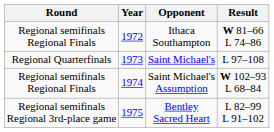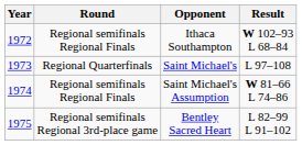 <table class="wikitable" style="text-align: center">
 <tr>
+<th>Year</th>
 <th>Round</th>
-<th>Year</th>
 <th>Opponent</th>
 <th>Result</th>
 </tr>
 <tr align="center">
+<td><a href='#'>1972</a></td>
 <td>Regional semifinals<br>Regional Finals</td>
-<td><a href='#'>1972</a></td>
 <td>Ithaca<br>Southampton</td>
-<td><strong>W</strong> 81–66<br>L 74–86</td>
+<td><strong>W</strong> 102–93<br>L 68–84</td>
 </tr>
 <tr align="center">
+<td><a href='#'>1973</a></td>
 <td>Regional Quarterfinals</td>
-<td><a href='#'>1973</a></td>
 <td><a href='#'>Saint Michael's</a></td>
 <td>L 97–108</td>
 </tr>
 <tr align="center">
+<td><a href='#'>1974</a></td>
 <td>Regional semifinals<br>Regional Finals</td>
-<td><a href='#'>1974</a></td>
 <td>Saint Michael's<br><a href='#'>Assumption</a></td>
-<td><strong>W</strong> 102–93<br>L 68–84</td>
+<td><strong>W</strong> 81–66<br>L 74–86</td>
 </tr>
 <tr align="center">
+<td><a href='#'>1975</a></td>
 <td>Regional semifinals<br>Regional 3rd-place game</td>
-<td><a href='#'>1975</a></td>
 <td><a href='#'>Bentley</a><br><a href='#'>Sacred Heart</a></td>
 <td>L 82–99<br>L 91–102</td>
 </tr>
 </table>
